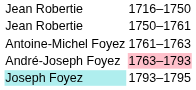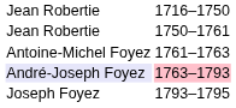 <table>
 <tr>
 <td>Jean Robertie</td>
 <td>1716–1750</td>
 </tr>
 <tr>
 <td>Jean Robertie</td>
 <td>1750–1761</td>
 </tr>
 <tr>
 <td>Antoine-Michel Foyez</td>
 <td>1761–1763</td>
 </tr>
 <tr>
-<td>André-Joseph Foyez</td>
+<td style="background: lavender;">André-Joseph Foyez</td>
 <td style="background: pink;">1763–1793</td>
 </tr>
 <tr>
-<td style="background: paleturquoise;">Joseph Foyez</td>
+<td>Joseph Foyez</td>
 <td>1793–1795</td>
 </tr>
 </table>
